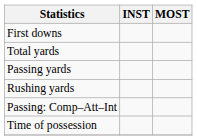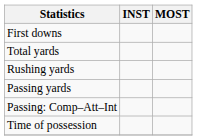 <table class="wikitable" style="float: left;">
 <tr>
 <th>Statistics</th>
 <th>INST</th>
 <th>MOST</th>
 </tr>
 <tr>
 <td>First downs</td>
 <td></td>
 <td></td>
 </tr>
 <tr>
 <td>Total yards</td>
 <td></td>
 <td></td>
 </tr>
 <tr>
-<td>Passing yards</td>
+<td>Rushing yards</td>
 <td></td>
 <td></td>
 </tr>
 <tr>
-<td>Rushing yards</td>
+<td>Passing yards</td>
 <td></td>
 <td></td>
 </tr>
 <tr>
 <td>Passing: Comp–Att–Int</td>
 <td></td>
 <td></td>
 </tr>
 <tr>
 <td>Time of possession</td>
 <td></td>
 <td></td>
 </tr>
 <tr>
 </tr>
 </table>
